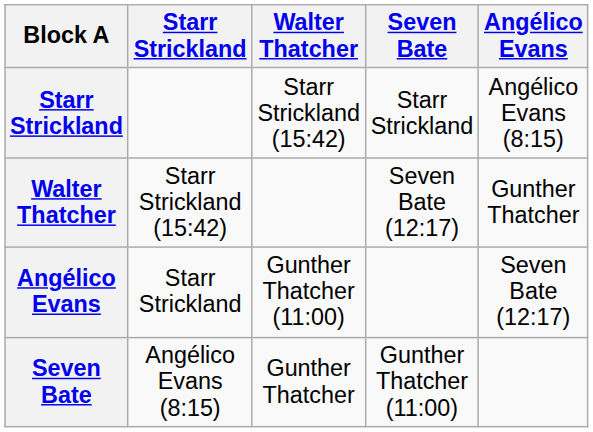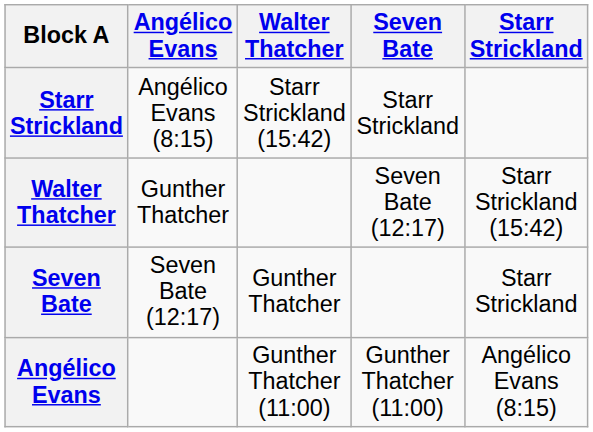 <table class="wikitable" style="text-align:center; margin: 1em auto 1em auto">
 <tr>
 <th>Block A</th>
-<th><a href='#'>Starr</a><br><a href='#'>Strickland</a></th>
+<th><a href='#'>Angélico</a><br><a href='#'>Evans</a></th>
 <th><a href='#'>Walter</a><br><a href='#'>Thatcher</a></th>
 <th><a href='#'>Seven</a><br><a href='#'>Bate</a></th>
-<th><a href='#'>Angélico</a><br><a href='#'>Evans</a></th>
+<th><a href='#'>Starr</a><br><a href='#'>Strickland</a></th>
 </tr>
 <tr>
 <th><a href='#'>Starr</a><br><a href='#'>Strickland</a></th>
-<td></td>
+<td>Angélico<br>Evans<br>(8:15)</td>
 <td>Starr<br>Strickland<br>(15:42)</td>
 <td>Starr<br>Strickland</td>
-<td>Angélico<br>Evans<br>(8:15)</td>
+<td></td>
 </tr>
 <tr>
 <th><a href='#'>Walter</a><br><a href='#'>Thatcher</a></th>
-<td>Starr<br>Strickland<br>(15:42)</td>
+<td>Gunther<br>Thatcher</td>
 <td></td>
 <td>Seven<br>Bate<br>(12:17)</td>
+<td>Starr<br>Strickland<br>(15:42)</td>
+</tr>
+<tr>
+<th><a href='#'>Seven</a><br><a href='#'>Bate</a></th>
+<td>Seven<br>Bate<br>(12:17)</td>
 <td>Gunther<br>Thatcher</td>
+<td></td>
+<td>Starr<br>Strickland</td>
 </tr>
 <tr>
 <th><a href='#'>Angélico</a><br><a href='#'>Evans</a></th>
-<td>Starr<br>Strickland</td>
+<td></td>
 <td>Gunther<br>Thatcher<br>(11:00)</td>
-<td></td>
-<td>Seven<br>Bate<br>(12:17)</td>
-</tr>
-<tr>
-<th><a href='#'>Seven</a><br><a href='#'>Bate</a></th>
+<td>Gunther<br>Thatcher<br>(11:00)</td>
 <td>Angélico<br>Evans<br>(8:15)</td>
-<td>Gunther<br>Thatcher</td>
-<td>Gunther<br>Thatcher<br>(11:00)</td>
-<td></td>
 </tr>
 </table>
